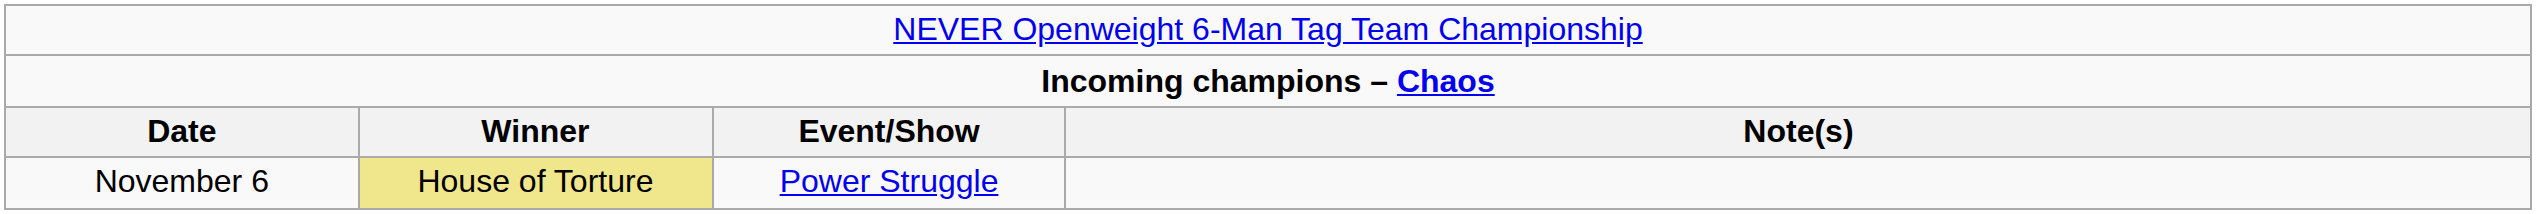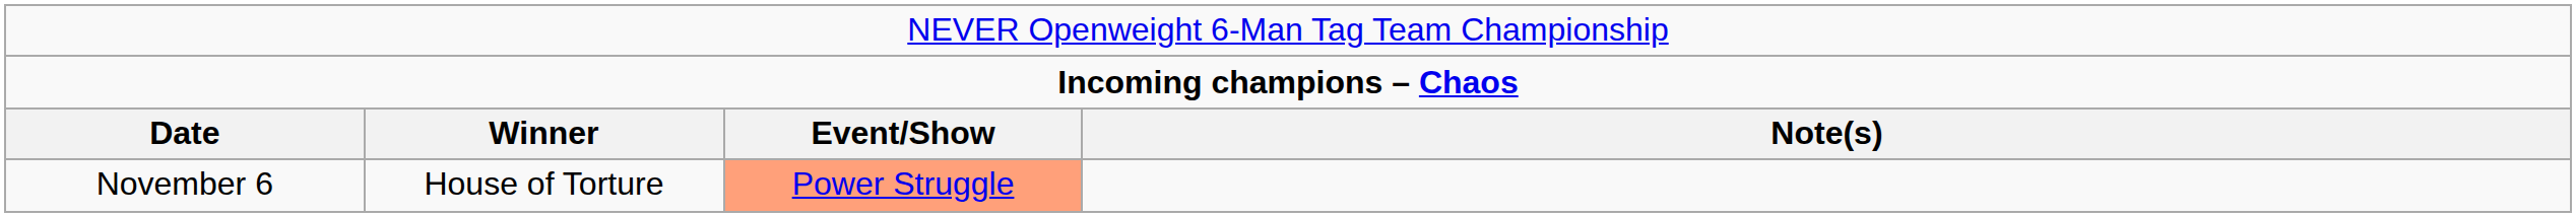 <table class="wikitable" style="text-align:center; width:100%;">
 <tr>
 <td colspan="4" style="text-align: center;"><a href='#'>NEVER Openweight 6-Man Tag Team Championship</a></td>
 </tr>
 <tr>
 <td colspan="4" style="text-align: center;"><strong>Incoming champions – <a href='#'>Chaos</a> </strong></td>
 </tr>
 <tr>
 <th width=14%>Date</th>
 <th width=14%>Winner</th>
 <th width=14%>Event/Show</th>
 <th width=58%>Note(s)</th>
 </tr>
 <tr>
 <td>November 6</td>
-<td style="background: khaki;">House of Torture<br></td>
-<td><a href='#'>Power Struggle</a></td>
+<td>House of Torture<br></td>
+<td style="background: lightsalmon;"><a href='#'>Power Struggle</a></td>
 <td></td>
 </tr>
 </table>
